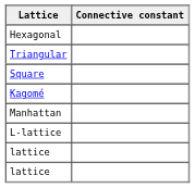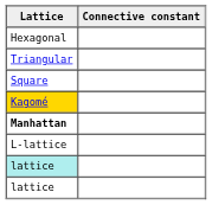 <table border="1" cellpadding="5" cellspacing="0" align="center">
 <tr>
 <th scope="col" style="background:#efefef;">Lattice</th>
 <th scope="col" style="background:#efefef;">Connective constant</th>
 </tr>
 <tr>
 <td>Hexagonal</td>
 <td></td>
 </tr>
 <tr>
 <td><a href='#'>Triangular</a></td>
 <td></td>
 </tr>
 <tr>
 <td><a href='#'>Square</a></td>
 <td></td>
 </tr>
 <tr>
-<td><a href='#'>Kagomé</a></td>
+<td style="background: gold;"><a href='#'>Kagomé</a></td>
 <td></td>
 </tr>
 <tr>
-<td>Manhattan</td>
+<td><strong>Manhattan</strong></td>
 <td></td>
 </tr>
 <tr>
 <td>L-lattice</td>
 <td></td>
 </tr>
 <tr>
-<td> lattice</td>
+<td style="background: paleturquoise;"> lattice</td>
 <td></td>
 </tr>
 <tr>
 <td> lattice</td>
 <td></td>
 </tr>
 </table>
